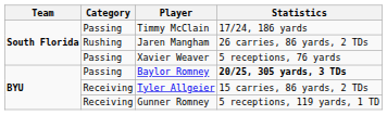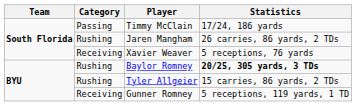 <table class="wikitable" style="float: left;">
 <tr>
 <th>Team</th>
 <th>Category</th>
 <th>Player</th>
 <th>Statistics</th>
 </tr>
 <tr>
 <td rowspan=3><strong>South Florida</strong></td>
 <td>Passing</td>
 <td>Timmy McClain</td>
 <td>17/24, 186 yards</td>
 </tr>
 <tr>
 <td>Rushing</td>
 <td>Jaren Mangham</td>
 <td>26 carries, 86 yards, 2 TDs</td>
 </tr>
 <tr>
-<td>Passing</td>
+<td>Receiving</td>
 <td>Xavier Weaver</td>
 <td>5 receptions, 76 yards</td>
 </tr>
 <tr>
 <td rowspan=3><strong>BYU</strong></td>
-<td>Passing</td>
+<td>Rushing</td>
 <td><a href='#'>Baylor Romney</a></td>
 <td><strong>20/25, 305 yards, 3 TDs</strong></td>
 </tr>
 <tr>
-<td>Receiving</td>
+<td>Rushing</td>
 <td><a href='#'>Tyler Allgeier</a></td>
 <td>15 carries, 86 yards, 2 TDs</td>
 </tr>
 <tr>
 <td>Receiving</td>
 <td>Gunner Romney</td>
 <td>5 receptions, 119 yards, 1 TD</td>
 </tr>
 </table>
